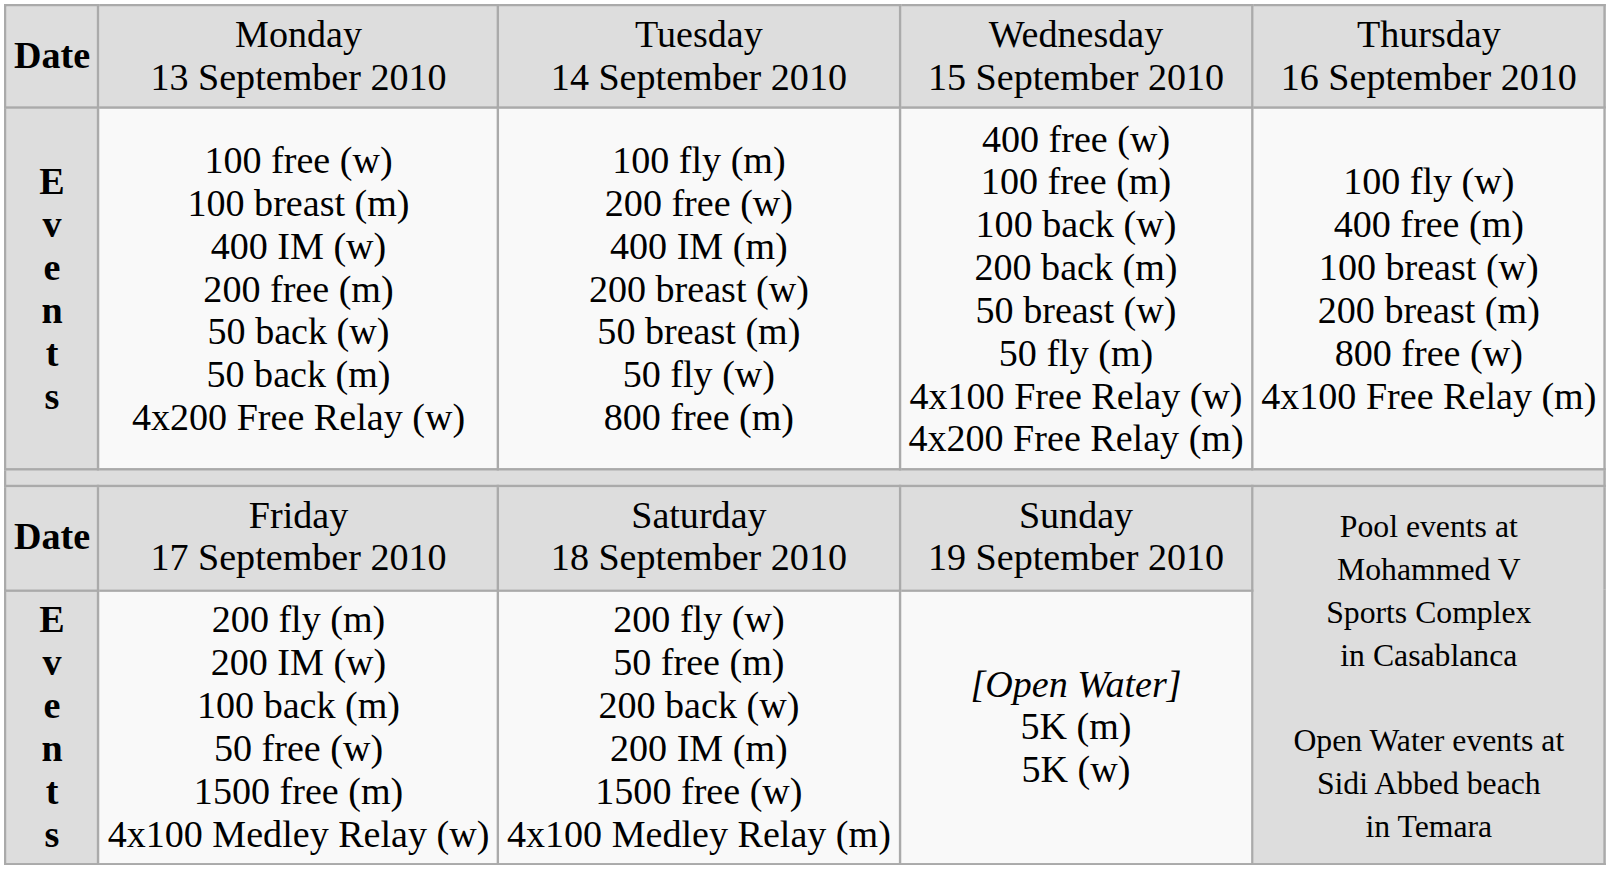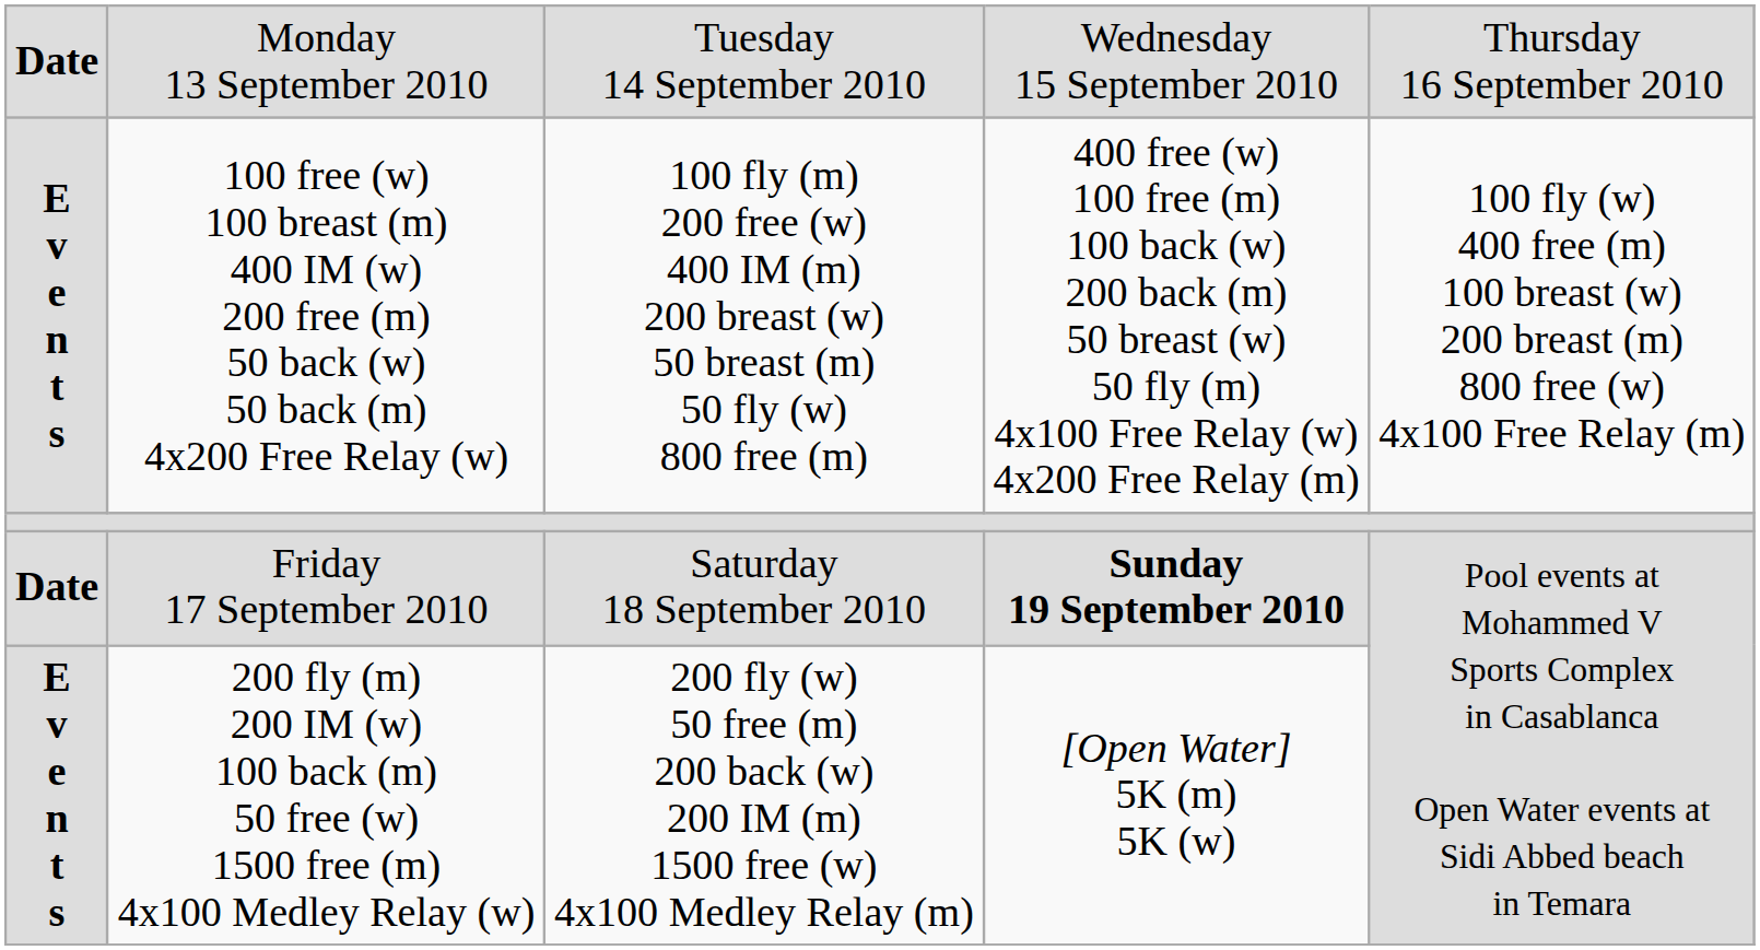 <table class=wikitable style="text-align:center">
 <tr bgcolor=#DDDDDD>
 <td><strong>Date</strong></td>
 <td>Monday <br> 13 September 2010</td>
 <td>Tuesday <br> 14 September 2010</td>
 <td>Wednesday <br> 15 September 2010</td>
 <td>Thursday <br> 16 September 2010</td>
 </tr>
 <tr>
 <td bgcolor=#DDDDDD><strong>E<br> v<br> e<br> n<br> t<br> s</strong></td>
 <td>100 free (w) <br> 100 breast (m) <br> 400 IM (w) <br> 200 free (m) <br> 50 back (w) <br> 50 back (m) <br> 4x200 Free Relay (w)</td>
 <td>100 fly (m) <br> 200 free (w) <br> 400 IM (m) <br> 200 breast (w) <br> 50 breast (m) <br> 50 fly (w) <br> 800 free (m)</td>
 <td>400 free (w) <br> 100 free (m) <br> 100 back (w) <br> 200 back (m) <br> 50 breast (w) <br> 50 fly (m) <br> 4x100 Free Relay (w) <br> 4x200 Free Relay (m)</td>
 <td>100 fly (w) <br> 400 free (m) <br> 100 breast (w) <br> 200 breast (m) <br> 800 free (w) <br> 4x100 Free Relay (m)</td>
 </tr>
 <tr>
 <td bgcolor=#DDDDDD colspan=7></td>
 </tr>
 <tr bgcolor=#DDDDDD>
 <td><strong>Date</strong></td>
 <td>Friday <br> 17 September 2010</td>
 <td>Saturday <br> 18 September 2010</td>
-<td>Sunday <br> 19 September 2010</td>
+<td><strong>Sunday <br> 19 September 2010</strong></td>
 <td rowspan=2><small> Pool events at <br> Mohammed V <br> Sports Complex<br> in Casablanca <br> <br> Open Water events at <br> Sidi Abbed beach <br> in Temara </small></td>
 </tr>
 <tr>
 <td bgcolor=#DDDDDD><strong>E<br> v<br> e<br> n<br> t<br> s</strong></td>
 <td>200 fly (m) <br> 200 IM (w) <br> 100 back (m) <br> 50 free (w) <br> 1500 free (m) <br> 4x100 Medley Relay (w)</td>
 <td>200 fly (w) <br> 50 free (m) <br> 200 back (w) <br> 200 IM (m) <br> 1500 free (w) <br> 4x100 Medley Relay (m)</td>
 <td><em>[Open Water]</em> <br> 5K (m) <br> 5K (w)</td>
 </tr>
 <tr>
 </tr>
 </table>
